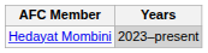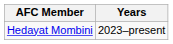 <table class="wikitable">
 <tr>
 <th>AFC Member</th>
 <th>Years</th>
 </tr>
 <tr>
 <td> <a href='#'>Hedayat Mombini</a></td>
-<td style="background: lightgrey;">2023–present</td>
+<td>2023–present</td>
 </tr>
 </table>
